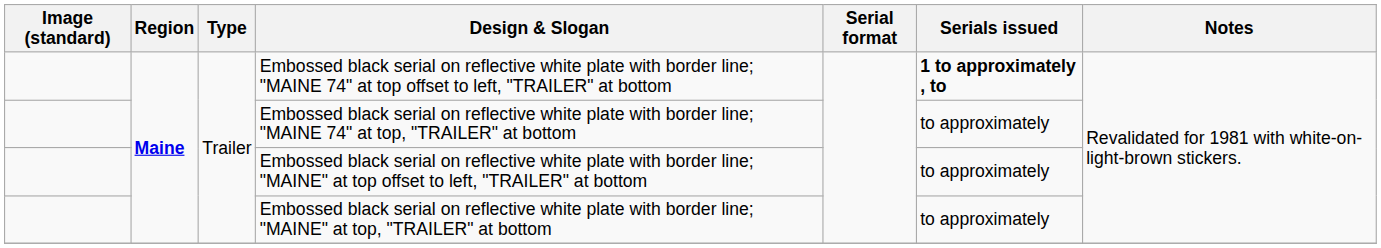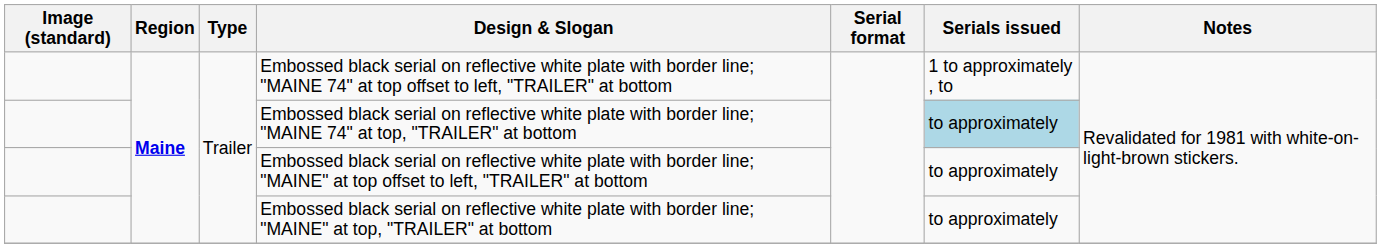 <table class="wikitable">
 <tr>
 <th>Image (standard)</th>
 <th>Region</th>
 <th>Type</th>
 <th>Design & Slogan</th>
 <th>Serial format</th>
 <th>Serials issued</th>
 <th>Notes</th>
 </tr>
 <tr>
 <td></td>
 <td rowspan="4"><a href='#'><strong>Maine</strong></a></td>
 <td rowspan="4">Trailer</td>
 <td>Embossed black serial on reflective white plate with border line; "MAINE 74" at top offset to left, "TRAILER" at bottom</td>
 <td rowspan="4"></td>
-<td><strong>1 to approximately ,  to </strong></td>
+<td>1 to approximately ,  to </td>
 <td rowspan="4">Revalidated for 1981 with white-on-light-brown stickers.</td>
 </tr>
 <tr>
 <td></td>
 <td>Embossed black serial on reflective white plate with border line; "MAINE 74" at top, "TRAILER" at bottom</td>
-<td> to approximately </td>
+<td style="background: lightblue;"> to approximately </td>
 </tr>
 <tr>
 <td></td>
 <td>Embossed black serial on reflective white plate with border line; "MAINE" at top offset to left, "TRAILER" at bottom</td>
 <td> to approximately </td>
 </tr>
 <tr>
 <td></td>
 <td>Embossed black serial on reflective white plate with border line; "MAINE" at top, "TRAILER" at bottom</td>
 <td> to approximately </td>
 </tr>
 <tr>
 </tr>
 </table>
